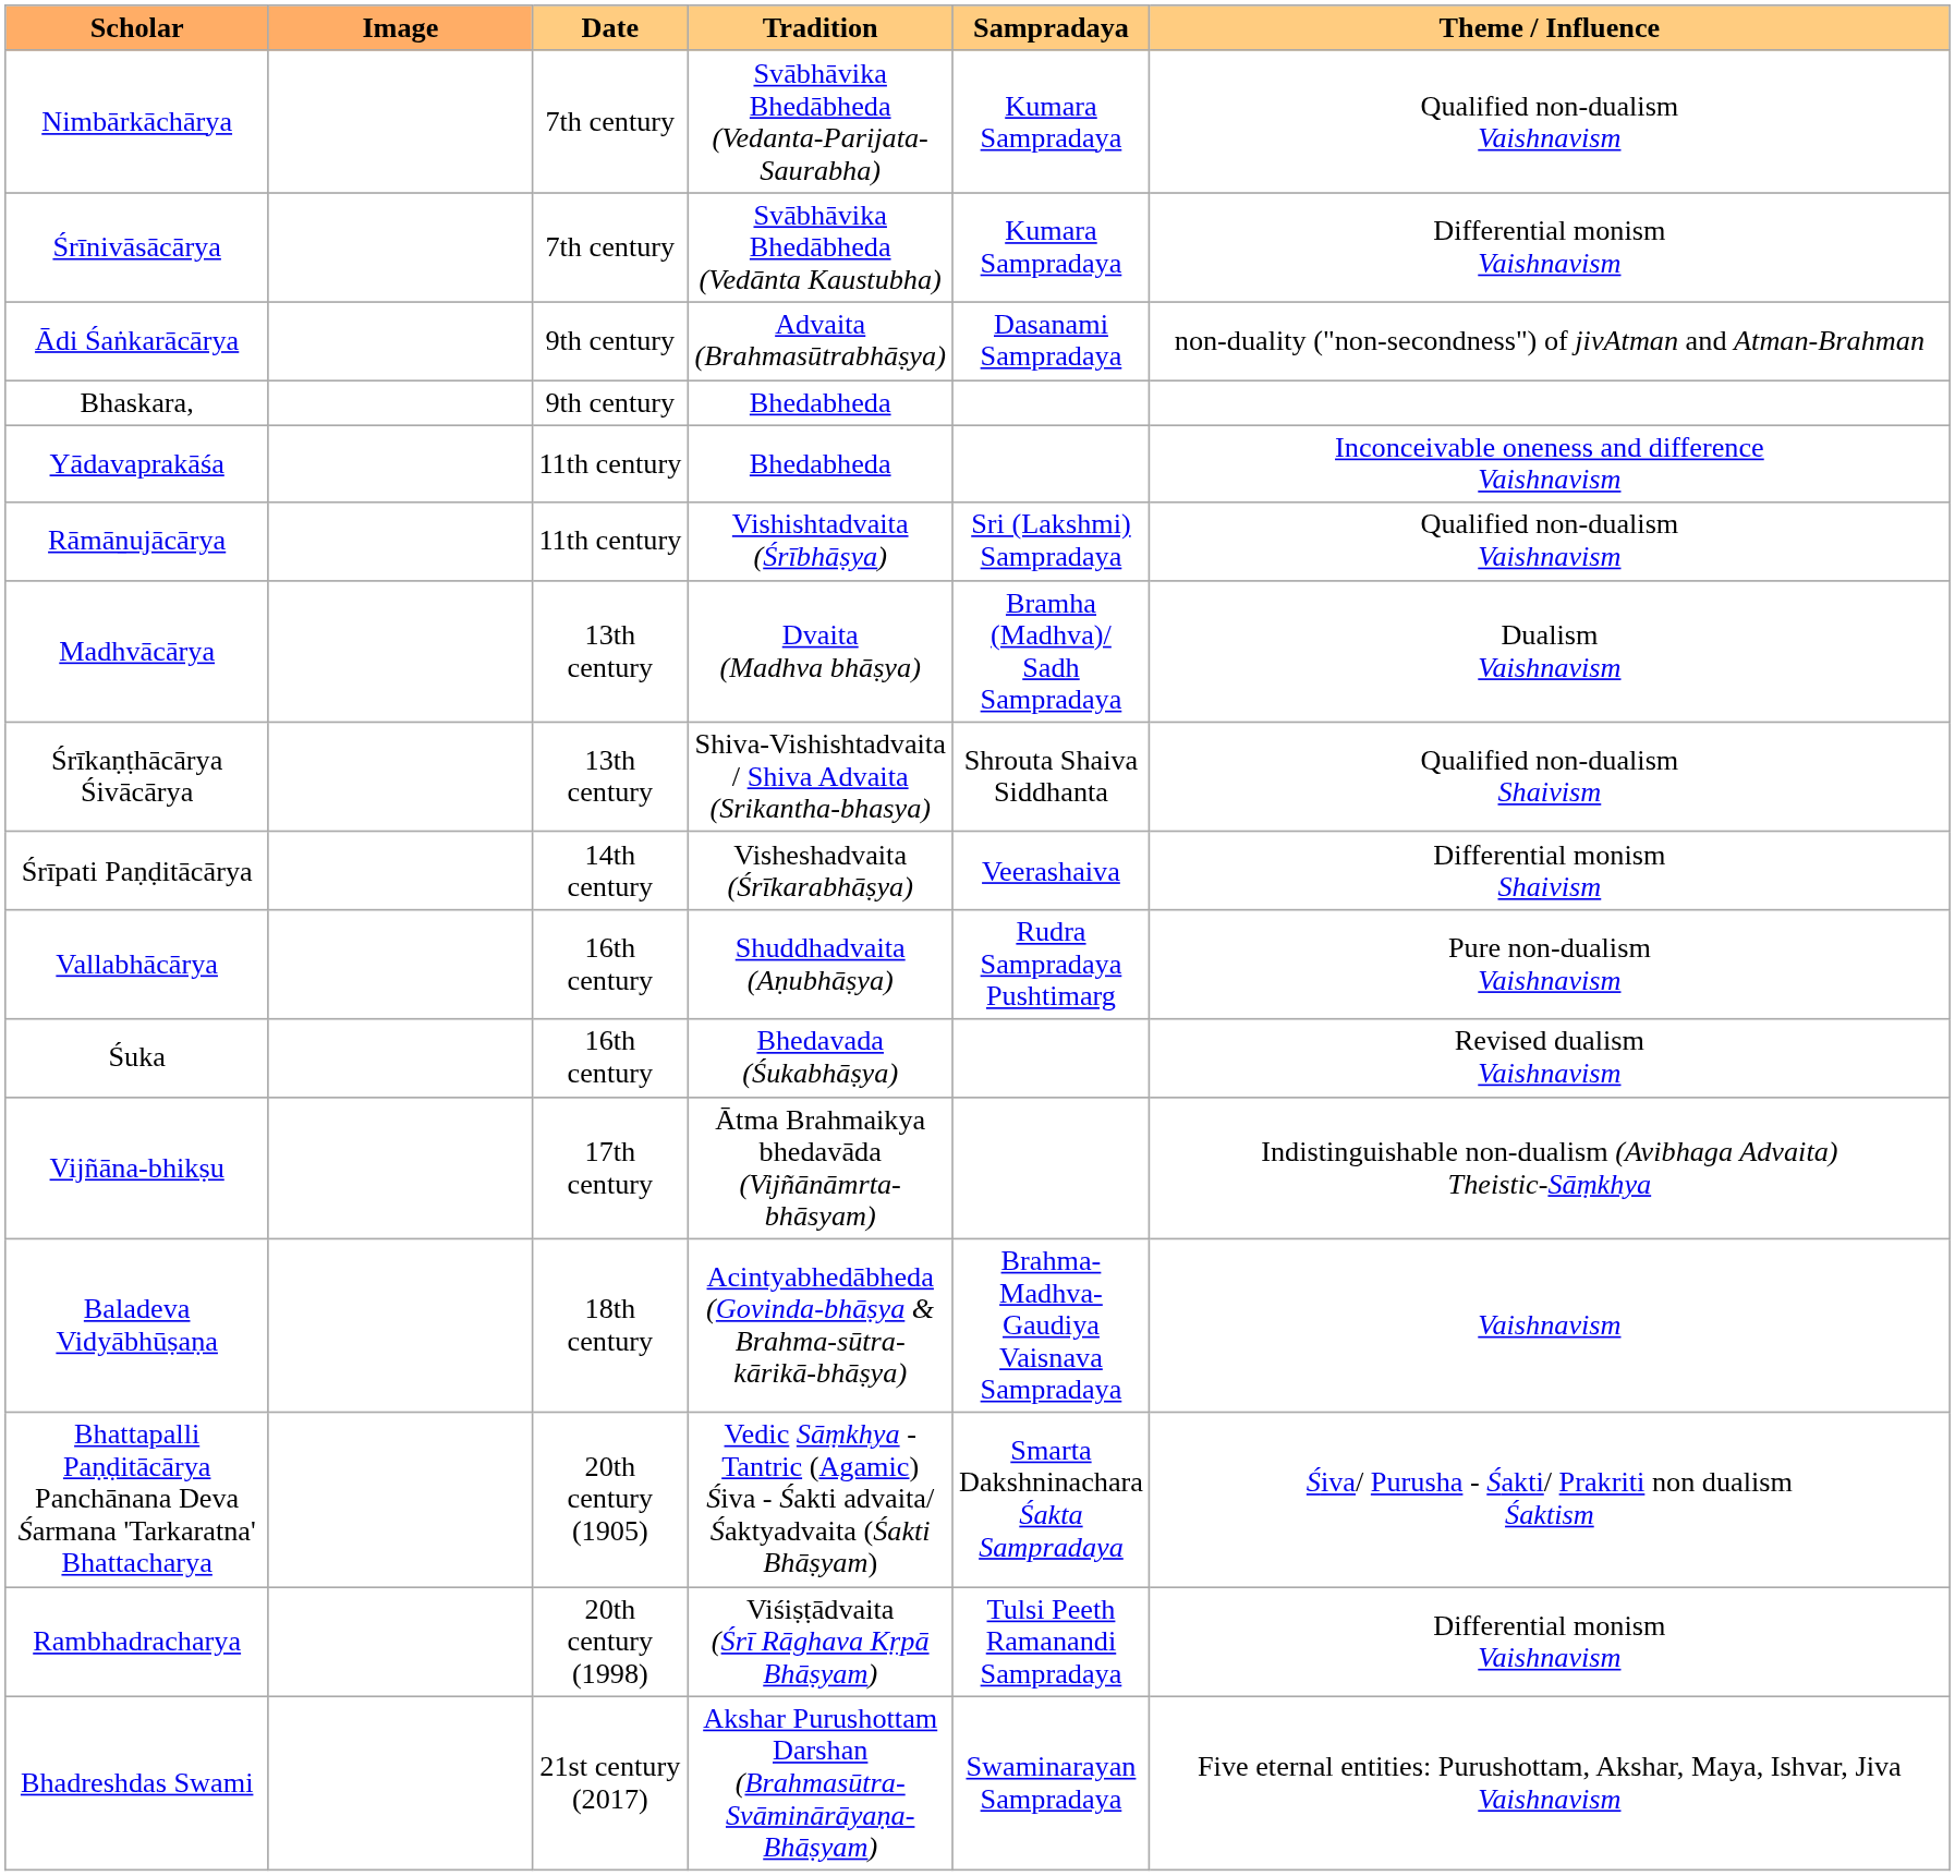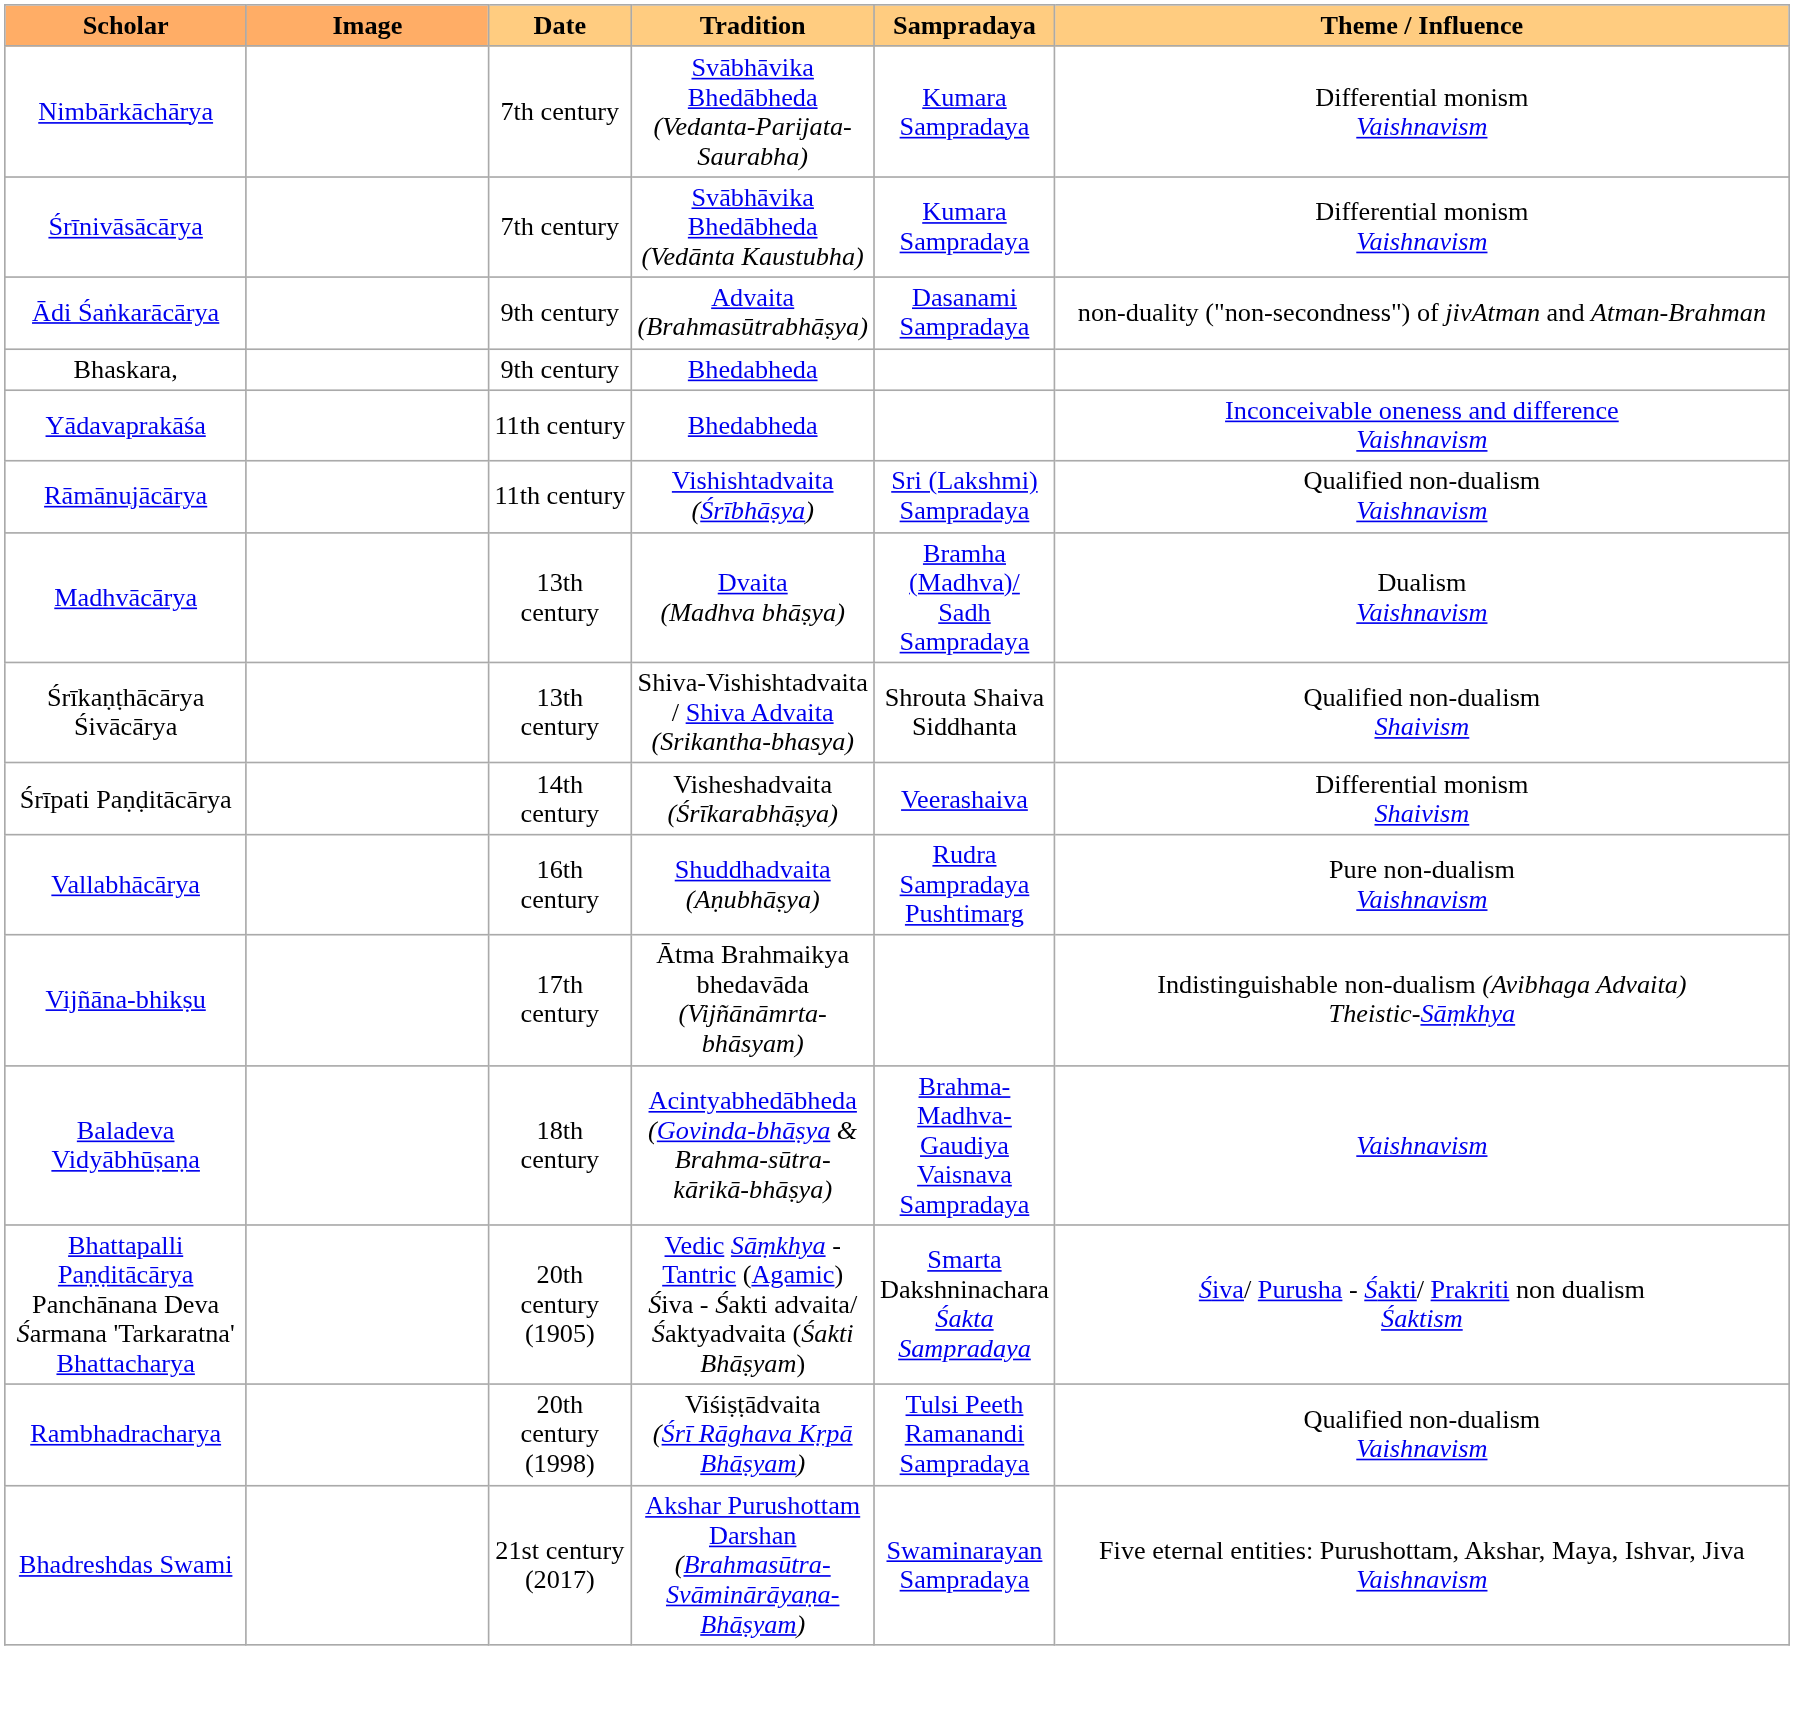 <table class="wikitable sortable" align="center" style=" background: transparent; ">
 <tr style="text-align: center;">
 <th width=140px style="background: #ffad66;">Scholar</th>
 <th width=140px style="background: #ffad66;">Image</th>
 <th width=80px style="background: #ffcc80;">Date</th>
 <th width=100px style="background: #ffcc80;">Tradition</th>
 <th width=100px style="background: #ffcc80;">Sampradaya</th>
 <th width= 440px style="background: #ffcc80;">Theme / Influence</th>
 </tr>
 <tr style="text-align: center;">
 <td width=140px><a href='#'>Nimbārkāchārya</a></td>
 <td width=140px></td>
 <td width=80px>7th century</td>
 <td width=100px><a href='#'>Svābhāvika Bhedābheda</a><br><em>(Vedanta-Parijata-Saurabha)</em></td>
 <td width=100px><a href='#'>Kumara Sampradaya</a></td>
-<td width=100px>Qualified non-dualism<br><em><a href='#'>Vaishnavism</a></em></td>
+<td width= 440px>Differential monism<br><em><a href='#'>Vaishnavism</a></em></td>
 </tr>
 <tr style="text-align: center;">
 <td width=140px><a href='#'>Śrīnivāsācārya</a></td>
 <td width=140px></td>
 <td width=80px>7th century</td>
 <td width=100px><a href='#'>Svābhāvika Bhedābheda</a><br><em>(Vedānta Kaustubha)</em></td>
 <td width=100px><a href='#'>Kumara Sampradaya</a></td>
 <td width= 440px>Differential monism<br><em><a href='#'>Vaishnavism</a></em></td>
 </tr>
 <tr style="text-align: center;">
 <td width=140px><a href='#'>Ādi Śaṅkarācārya</a></td>
 <td width=140px></td>
 <td width=80px>9th century</td>
 <td width=100px><a href='#'>Advaita</a><br><em>(Brahmasūtrabhāṣya)</em></td>
 <td width=100px><a href='#'>Dasanami Sampradaya</a></td>
 <td width= 440px>non-duality ("non-secondness") of <em>jivAtman</em> and <em>Atman-Brahman</em></td>
 </tr>
 <tr style="text-align: center;">
 <td width=140px>Bhaskara,</td>
 <td width=140px></td>
 <td width=80px>9th century</td>
 <td width=100px><a href='#'>Bhedabheda</a></td>
 <td width=100px></td>
 <td width= 140px></td>
 </tr>
 <tr style="text-align: center;">
 <td width=140px><a href='#'>Yādavaprakāśa</a></td>
 <td width=140px></td>
 <td width=80px>11th century</td>
 <td width=100px><a href='#'>Bhedabheda</a></td>
 <td width=100px></td>
 <td width=440px><a href='#'>Inconceivable oneness and difference</a><br><em><a href='#'>Vaishnavism</a></em></td>
 </tr>
 <tr style="text-align: center;">
 <td width=140px><a href='#'>Rāmāṉujācārya</a></td>
 <td width=140px></td>
 <td width=80px>11th century</td>
 <td width=100px><a href='#'>Vishishtadvaita</a><br><em>(<a href='#'>Śrībhāṣya</a>)</em></td>
 <td width=100px><a href='#'>Sri (Lakshmi) Sampradaya</a></td>
 <td width= 440px>Qualified non-dualism<br><em><a href='#'>Vaishnavism</a></em></td>
 </tr>
 <tr style="text-align: center;">
 <td width=140px><a href='#'>Madhvācārya</a></td>
 <td width=140px></td>
 <td width=80px>13th century</td>
 <td width=100px><a href='#'>Dvaita</a><br><em>(Madhva bhāṣya)</em></td>
 <td width=100px><a href='#'>Bramha (Madhva)/ Sadh Sampradaya</a></td>
 <td width= 440px>Dualism<br><em><a href='#'>Vaishnavism</a></em></td>
 </tr>
 <tr style="text-align: center;">
 <td width="140px">Śrīkaṇṭhācārya Śivācārya</td>
 <td width=140px></td>
 <td width="80px">13th century</td>
 <td width="100px">Shiva-Vishishtadvaita / <a href='#'>Shiva Advaita</a><br><em>(Srikantha-bhasya)</em></td>
 <td width="100px">Shrouta Shaiva Siddhanta</td>
 <td width="440px">Qualified non-dualism<br><em><a href='#'>Shaivism</a></em></td>
 </tr>
 <tr style="text-align: center;">
 <td width=140px>Śrīpati Paṇḍitācārya</td>
 <td width=140px></td>
 <td width=80px>14th century</td>
 <td width=100px>Visheshadvaita<br><em>(Śrīkarabhāṣya)</em></td>
 <td width=100px><a href='#'>Veerashaiva</a></td>
 <td width= 140px>Differential monism<br><em><a href='#'>Shaivism</a></em></td>
 </tr>
 <tr style="text-align: center;">
 <td width=140px><a href='#'>Vallabhācārya</a></td>
 <td width=140px></td>
 <td width=80px>16th century</td>
 <td width=100px><a href='#'>Shuddhadvaita</a><br><em>(Aṇubhāṣya)</em></td>
 <td width=100px><a href='#'>Rudra Sampradaya</a><br><a href='#'>Pushtimarg</a></td>
 <td width= 440px>Pure non-dualism<br><em><a href='#'>Vaishnavism</a></em></td>
 </tr>
 <tr style="text-align: center;">
-<td width=140px>Śuka</td>
-<td width=140px></td>
-<td width=80px>16th century</td>
-<td width=100px><a href='#'>Bhedavada</a><br><em>(Śukabhāṣya)</em></td>
-<td width=100px></td>
-<td width= 440px>Revised dualism<br><em><a href='#'>Vaishnavism</a></em></td>
-</tr>
-<tr style="text-align: center;">
 <td width=140px><a href='#'>Vijñāna-bhikṣu</a></td>
 <td width=140px></td>
 <td width=80px>17th century</td>
 <td width=100px>Ātma Brahmaikya bhedavāda<br><em>(Vijñānāmrta-bhāsyam)</em></td>
 <td width=100px></td>
 <td width= 440px>Indistinguishable non-dualism <em>(Avibhaga Advaita)</em><br><em>Theistic-<a href='#'>Sāṃkhya</a></em></td>
 </tr>
 <tr style="text-align: center;">
 <td><a href='#'>Baladeva Vidyābhūṣaṇa</a></td>
 <td width=140px></td>
 <td width=80px>18th century</td>
 <td width=100px><a href='#'>Acintyabhedābheda</a><br><em>(<a href='#'>Govinda-bhāṣya</a> & Brahma-sūtra-kārikā-bhāṣya)</em></td>
 <td width=100px><a href='#'>Brahma-Madhva-Gaudiya Vaisnava Sampradaya</a></td>
 <td width= 140px><em><a href='#'>Vaishnavism</a></em></td>
 </tr>
 <tr style="text-align: center;">
 <td><a href='#'>Bhattapalli</a><br><a href='#'>Paṇḍit</a><a href='#'>ācārya</a> Panchānana Deva <em>Ś</em>armana 'Tarkaratna' <a href='#'>Bhattacharya</a></td>
 <td width=100px><br></td>
 <td>20th century (1905)</td>
 <td><a href='#'>Vedic</a> <a href='#'><em>Sāṃkhya</em></a> - <a href='#'>Tantric</a> (<a href='#'>Agamic</a>)<br><em>Ś</em>iva - <em>Ś</em>akti advaita/ <em>Ś</em>aktyadvaita (<em>Śakti</em> <em>Bhāṣyam</em>)</td>
 <td><a href='#'>Smarta</a> Dakshninachara<br><em><a href='#'>Śakta Sampradaya</a></em></td>
 <td><a href='#'><em>Ś</em>iva</a>/ <a href='#'>Purusha</a> - <a href='#'><em>Ś</em>akti</a>/ <a href='#'>Prakriti</a>  non dualism<br><em><a href='#'>Śaktism</a></em></td>
 </tr>
 <tr style="text-align: center;">
 <td><a href='#'>Rambhadracharya</a></td>
 <td width=100px></td>
 <td>20th century (1998)</td>
 <td>Viśiṣṭādvaita<br><em>(<a href='#'>Śrī Rāghava Kṛpā Bhāṣyam</a>)</em></td>
 <td width=100px><a href='#'>Tulsi Peeth</a>   <a href='#'>Ramanandi Sampradaya</a></td>
-<td width= 440px>Differential monism<br><em><a href='#'>Vaishnavism</a></em></td>
+<td width=100px>Qualified non-dualism<br><em><a href='#'>Vaishnavism</a></em></td>
 </tr>
 <tr style="text-align: center;">
 <td width=140px><a href='#'>Bhadreshdas Swami</a></td>
 <td width=140px></td>
 <td width=80px>21st century (2017)</td>
 <td width=100px><a href='#'>Akshar Purushottam Darshan</a><br><em>(<a href='#'>Brahmasūtra-Svāminārāyaṇa-Bhāṣyam</a>)</em></td>
 <td width=100px><a href='#'>Swaminarayan Sampradaya</a></td>
 <td width= 440px>Five eternal entities: Purushottam, Akshar, Maya, Ishvar, Jiva<br><em><a href='#'>Vaishnavism</a></em></td>
 </tr>
 </table>
